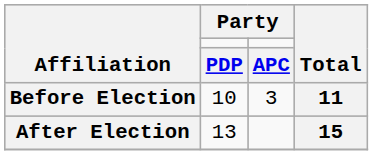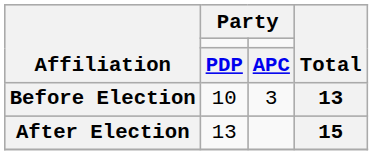 <table class=wikitable style="text-align:center">
 <tr style="vertical-align:bottom;">
 <th rowspan=3>Affiliation</th>
 <th colspan=2>Party</th>
 <th rowspan=3>Total</th>
 </tr>
 <tr>
 <td style="background-color:"></td>
 <td style="background-color:"></td>
 </tr>
 <tr>
 <th><a href='#'>PDP</a></th>
 <th><a href='#'>APC</a></th>
 </tr>
 <tr>
 <th>Before Election</th>
 <td>10</td>
 <td>3</td>
-<th>11</th>
+<th>13</th>
 </tr>
 <tr>
 <th>After Election</th>
 <td>13</td>
 <td></td>
 <th>15</th>
 </tr>
 <tr>
 </tr>
 </table>
